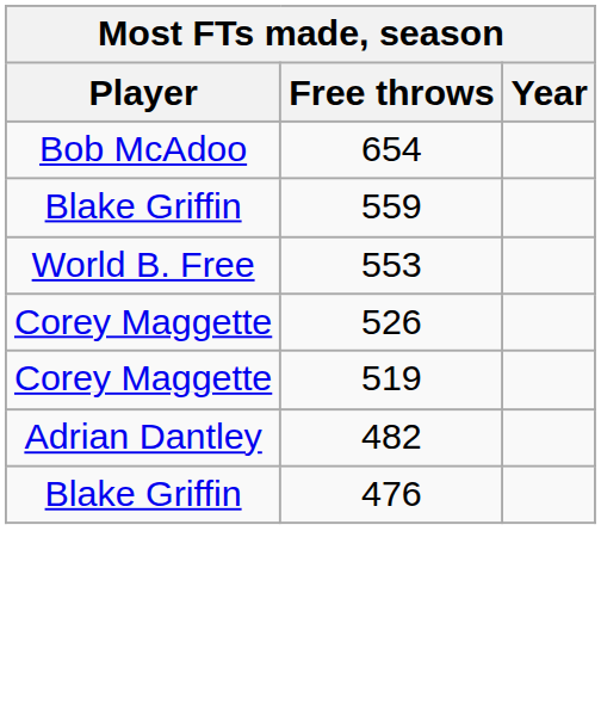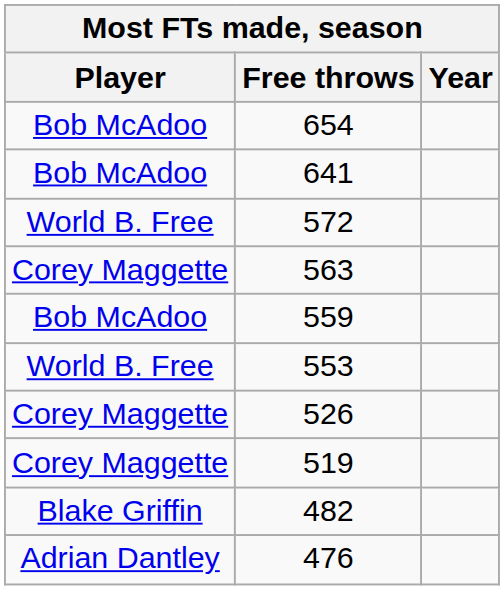 <table class="wikitable sortable" style="text-align:center">
 <tr>
 <th colspan="3">Most FTs made, season</th>
 </tr>
 <tr>
 <th>Player</th>
 <th>Free throws</th>
 <th>Year</th>
 </tr>
 <tr>
 <td><a href='#'>Bob McAdoo</a></td>
 <td>654</td>
 <td></td>
 </tr>
 <tr>
-<td><a href='#'>Blake Griffin</a></td>
+<td><a href='#'>Bob McAdoo</a></td>
+<td>641</td>
+<td></td>
+</tr>
+<tr>
+<td><a href='#'>World B. Free</a></td>
+<td>572</td>
+<td></td>
+</tr>
+<tr>
+<td><a href='#'>Corey Maggette</a></td>
+<td>563</td>
+<td></td>
+</tr>
+<tr>
+<td><a href='#'>Bob McAdoo</a></td>
 <td>559</td>
 <td></td>
 </tr>
 <tr>
 <td><a href='#'>World B. Free</a></td>
 <td>553</td>
 <td></td>
 </tr>
 <tr>
 <td><a href='#'>Corey Maggette</a></td>
 <td>526</td>
 <td></td>
 </tr>
 <tr>
 <td><a href='#'>Corey Maggette</a></td>
 <td>519</td>
 <td></td>
 </tr>
 <tr>
-<td><a href='#'>Adrian Dantley</a></td>
+<td><a href='#'>Blake Griffin</a></td>
 <td>482</td>
 <td></td>
 </tr>
 <tr>
-<td><a href='#'>Blake Griffin</a></td>
+<td><a href='#'>Adrian Dantley</a></td>
 <td>476</td>
 <td></td>
 </tr>
 </table>
